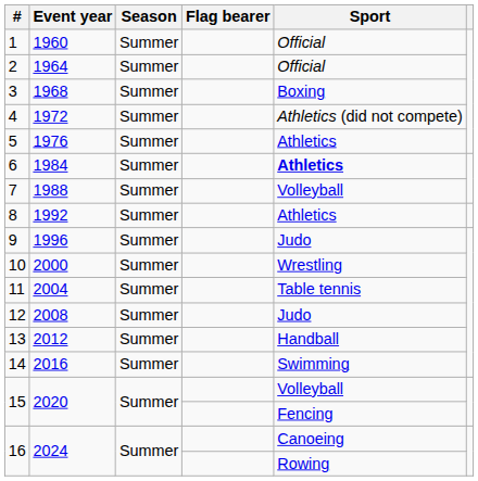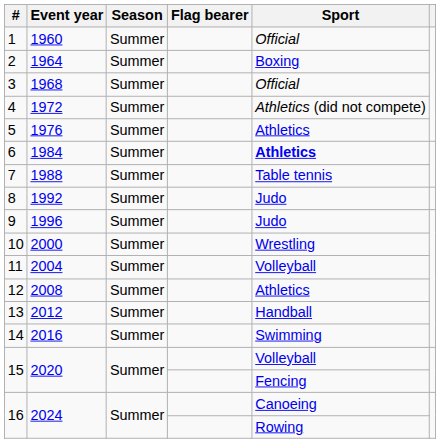 <table class="wikitable sortable">
 <tr>
 <th>#</th>
 <th>Event year</th>
 <th>Season</th>
 <th>Flag bearer</th>
 <th>Sport</th>
 <th></th>
 </tr>
 <tr>
 <td>1</td>
 <td><a href='#'>1960</a></td>
 <td>Summer</td>
 <td></td>
 <td><em>Official</em></td>
 <td rowspan=5></td>
 </tr>
 <tr>
 <td>2</td>
 <td><a href='#'>1964</a></td>
 <td>Summer</td>
 <td></td>
-<td><em>Official</em></td>
+<td><a href='#'>Boxing</a></td>
 </tr>
 <tr>
 <td>3</td>
 <td><a href='#'>1968</a></td>
 <td>Summer</td>
 <td></td>
-<td><a href='#'>Boxing</a></td>
+<td><em>Official</em></td>
 </tr>
 <tr>
 <td>4</td>
 <td><a href='#'>1972</a></td>
 <td>Summer</td>
 <td></td>
 <td><em>Athletics</em> (did not compete)</td>
 </tr>
 <tr>
 <td>5</td>
 <td><a href='#'>1976</a></td>
 <td>Summer</td>
 <td></td>
 <td><a href='#'>Athletics</a></td>
 </tr>
 <tr>
 <td>6</td>
 <td><a href='#'>1984</a></td>
 <td>Summer</td>
 <td></td>
 <td><strong><a href='#'>Athletics</a></strong></td>
 <td rowspan=2></td>
 </tr>
 <tr>
 <td>7</td>
 <td><a href='#'>1988</a></td>
 <td>Summer</td>
 <td></td>
-<td><a href='#'>Volleyball</a></td>
+<td><a href='#'>Table tennis</a></td>
 </tr>
 <tr>
 <td>8</td>
 <td><a href='#'>1992</a></td>
 <td>Summer</td>
 <td></td>
-<td><a href='#'>Athletics</a></td>
+<td><a href='#'>Judo</a></td>
 <td></td>
 </tr>
 <tr>
 <td>9</td>
 <td><a href='#'>1996</a></td>
 <td>Summer</td>
 <td></td>
 <td><a href='#'>Judo</a></td>
 <td rowspan=6></td>
 </tr>
 <tr>
 <td>10</td>
 <td><a href='#'>2000</a></td>
 <td>Summer</td>
 <td></td>
 <td><a href='#'>Wrestling</a></td>
 </tr>
 <tr>
 <td>11</td>
 <td><a href='#'>2004</a></td>
 <td>Summer</td>
 <td></td>
-<td><a href='#'>Table tennis</a></td>
+<td><a href='#'>Volleyball</a></td>
 </tr>
 <tr>
 <td>12</td>
 <td><a href='#'>2008</a></td>
 <td>Summer</td>
 <td></td>
-<td><a href='#'>Judo</a></td>
+<td><a href='#'>Athletics</a></td>
 </tr>
 <tr>
 <td>13</td>
 <td><a href='#'>2012</a></td>
 <td>Summer</td>
 <td></td>
 <td><a href='#'>Handball</a></td>
 </tr>
 <tr>
 <td>14</td>
 <td><a href='#'>2016</a></td>
 <td>Summer</td>
 <td></td>
 <td><a href='#'>Swimming</a></td>
 </tr>
 <tr>
 <td rowspan=2>15</td>
 <td rowspan=2><a href='#'>2020</a></td>
 <td rowspan=2>Summer</td>
 <td></td>
 <td><a href='#'>Volleyball</a></td>
 <td rowspan=2></td>
 </tr>
 <tr>
 <td></td>
 <td><a href='#'>Fencing</a></td>
 </tr>
 <tr>
 <td rowspan=2>16</td>
 <td rowspan=2><a href='#'>2024</a></td>
 <td rowspan=2>Summer</td>
 <td></td>
 <td><a href='#'>Canoeing</a></td>
 <td rowspan=2></td>
 </tr>
 <tr>
 <td></td>
 <td><a href='#'>Rowing</a></td>
 </tr>
 </table>
